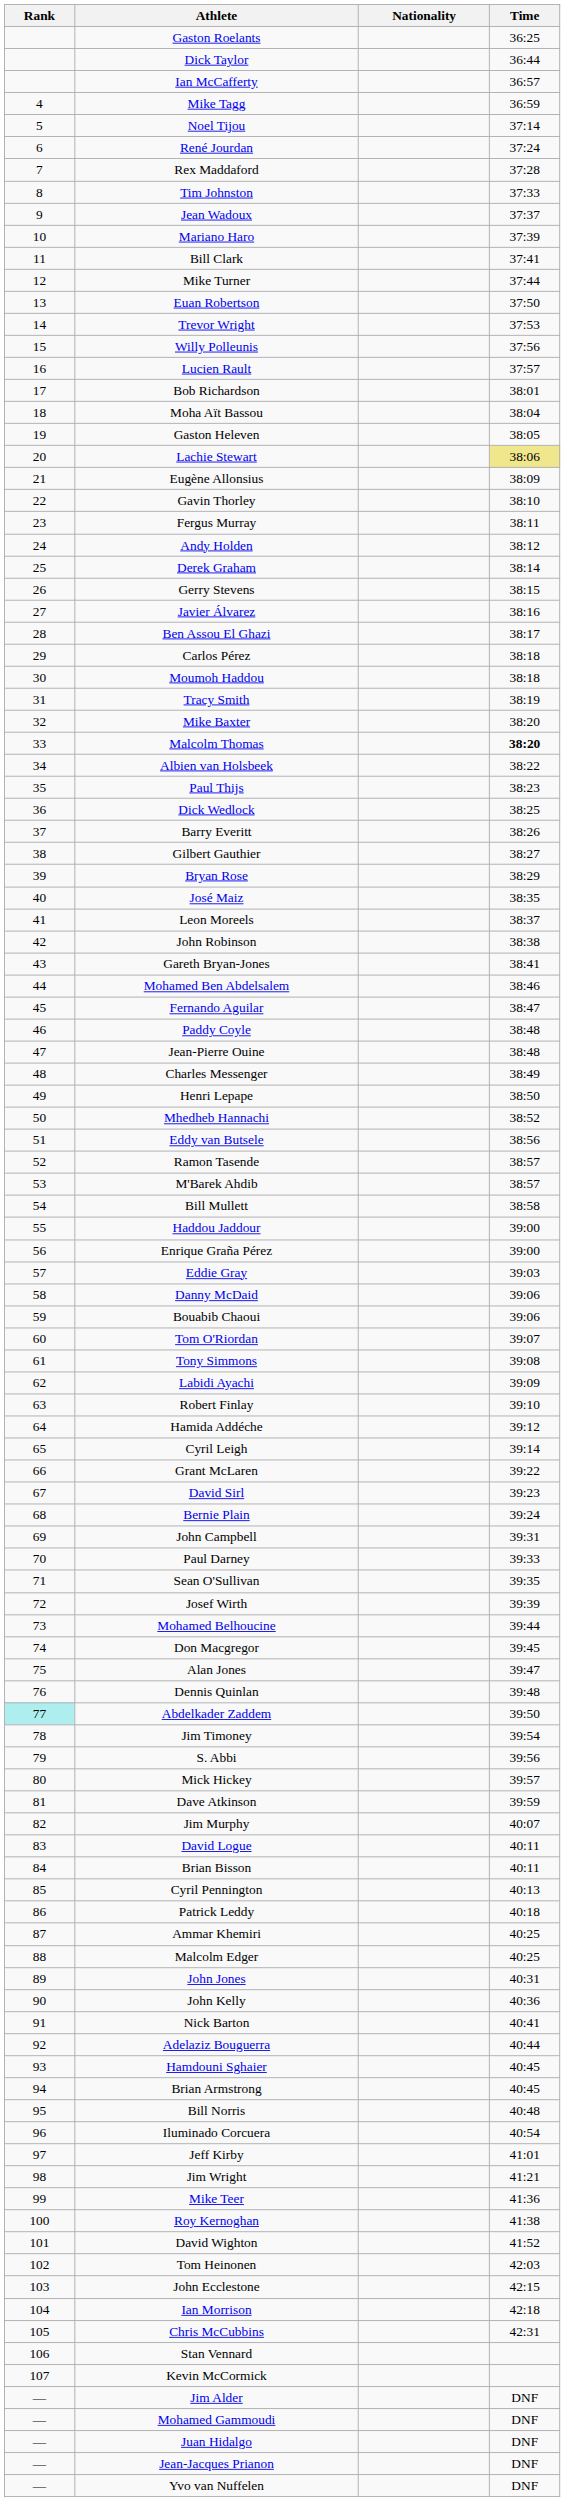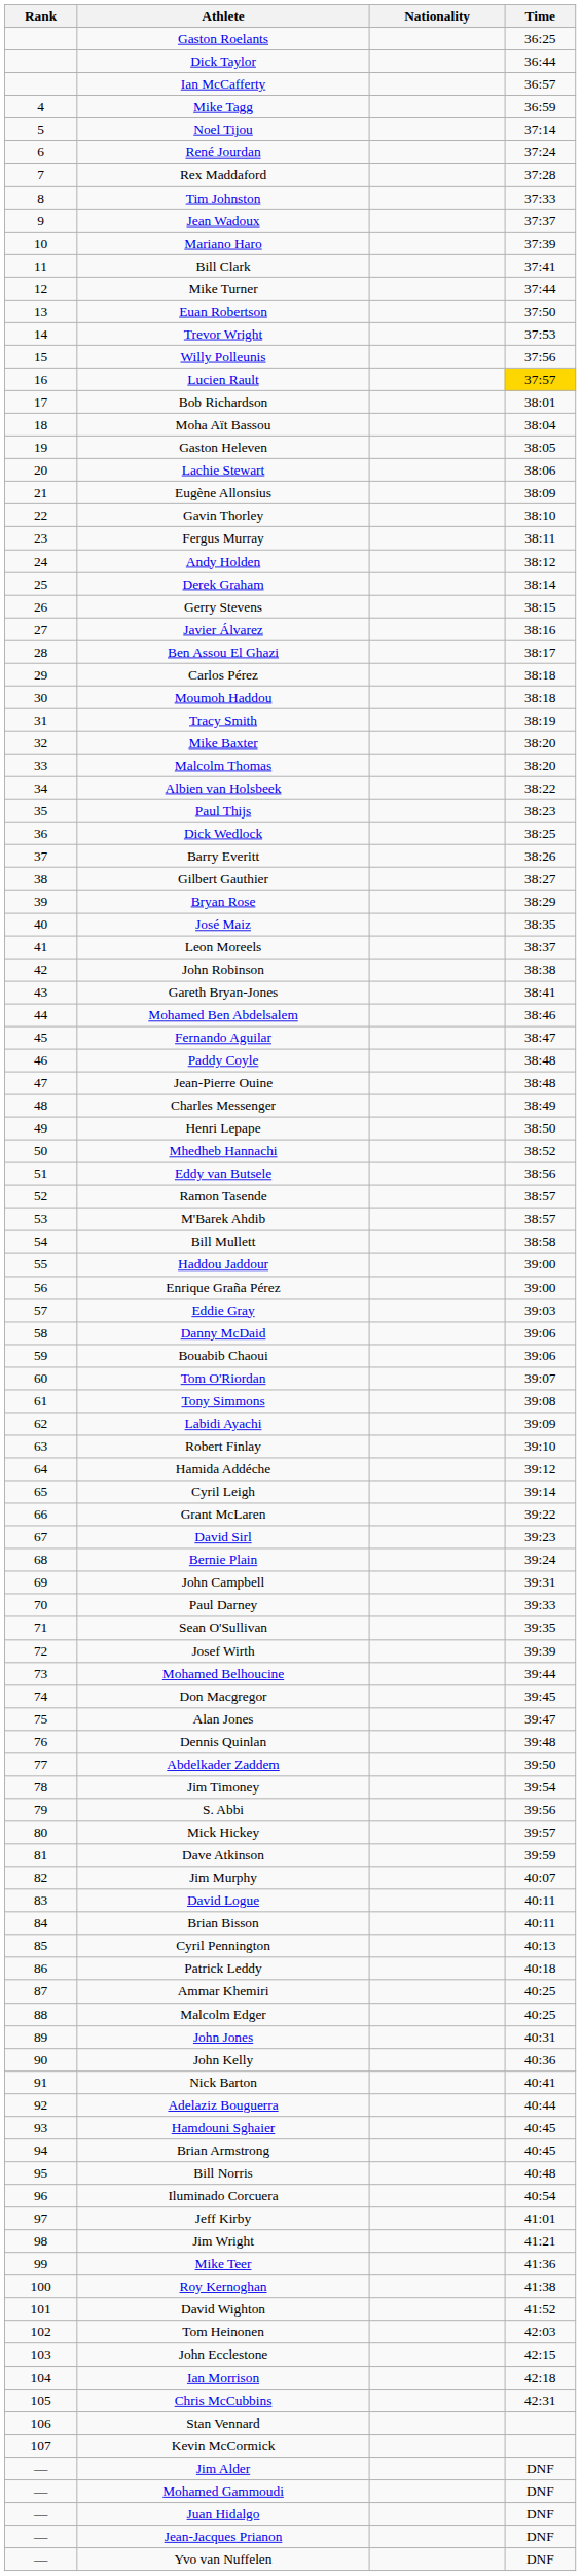 <table class="wikitable sortable" style=" text-align:center; font-size:95%;" width="50%">
 <tr>
 <th>Rank</th>
 <th>Athlete</th>
 <th>Nationality</th>
 <th>Time</th>
 </tr>
 <tr>
 <td align=center></td>
 <td><a href='#'>Gaston Roelants</a></td>
 <td></td>
 <td>36:25</td>
 </tr>
 <tr>
 <td align=center></td>
 <td><a href='#'>Dick Taylor</a></td>
 <td></td>
 <td>36:44</td>
 </tr>
 <tr>
 <td align=center></td>
 <td><a href='#'>Ian McCafferty</a></td>
 <td></td>
 <td>36:57</td>
 </tr>
 <tr>
 <td align=center>4</td>
 <td><a href='#'>Mike Tagg</a></td>
 <td></td>
 <td>36:59</td>
 </tr>
 <tr>
 <td align=center>5</td>
 <td><a href='#'>Noel Tijou</a></td>
 <td></td>
 <td>37:14</td>
 </tr>
 <tr>
 <td align=center>6</td>
 <td><a href='#'>René Jourdan</a></td>
 <td></td>
 <td>37:24</td>
 </tr>
 <tr>
 <td align=center>7</td>
 <td>Rex Maddaford</td>
 <td></td>
 <td>37:28</td>
 </tr>
 <tr>
 <td align=center>8</td>
 <td><a href='#'>Tim Johnston</a></td>
 <td></td>
 <td>37:33</td>
 </tr>
 <tr>
 <td align=center>9</td>
 <td><a href='#'>Jean Wadoux</a></td>
 <td></td>
 <td>37:37</td>
 </tr>
 <tr>
 <td align=center>10</td>
 <td><a href='#'>Mariano Haro</a></td>
 <td></td>
 <td>37:39</td>
 </tr>
 <tr>
 <td align=center>11</td>
 <td>Bill Clark</td>
 <td></td>
 <td>37:41</td>
 </tr>
 <tr>
 <td align=center>12</td>
 <td>Mike Turner</td>
 <td></td>
 <td>37:44</td>
 </tr>
 <tr>
 <td align=center>13</td>
 <td><a href='#'>Euan Robertson</a></td>
 <td></td>
 <td>37:50</td>
 </tr>
 <tr>
 <td align=center>14</td>
 <td><a href='#'>Trevor Wright</a></td>
 <td></td>
 <td>37:53</td>
 </tr>
 <tr>
 <td align=center>15</td>
 <td><a href='#'>Willy Polleunis</a></td>
 <td></td>
 <td>37:56</td>
 </tr>
 <tr>
 <td align=center>16</td>
 <td><a href='#'>Lucien Rault</a></td>
 <td></td>
-<td>37:57</td>
+<td style="background: gold;">37:57</td>
 </tr>
 <tr>
 <td align=center>17</td>
 <td>Bob Richardson</td>
 <td></td>
 <td>38:01</td>
 </tr>
 <tr>
 <td align=center>18</td>
 <td>Moha Aït Bassou</td>
 <td></td>
 <td>38:04</td>
 </tr>
 <tr>
 <td align=center>19</td>
 <td>Gaston Heleven</td>
 <td></td>
 <td>38:05</td>
 </tr>
 <tr>
 <td align=center>20</td>
 <td><a href='#'>Lachie Stewart</a></td>
 <td></td>
-<td style="background: khaki;">38:06</td>
+<td>38:06</td>
 </tr>
 <tr>
 <td align=center>21</td>
 <td>Eugène Allonsius</td>
 <td></td>
 <td>38:09</td>
 </tr>
 <tr>
 <td align=center>22</td>
 <td>Gavin Thorley</td>
 <td></td>
 <td>38:10</td>
 </tr>
 <tr>
 <td align=center>23</td>
 <td>Fergus Murray</td>
 <td></td>
 <td>38:11</td>
 </tr>
 <tr>
 <td align=center>24</td>
 <td><a href='#'>Andy Holden</a></td>
 <td></td>
 <td>38:12</td>
 </tr>
 <tr>
 <td align=center>25</td>
 <td><a href='#'>Derek Graham</a></td>
 <td></td>
 <td>38:14</td>
 </tr>
 <tr>
 <td align=center>26</td>
 <td>Gerry Stevens</td>
 <td></td>
 <td>38:15</td>
 </tr>
 <tr>
 <td align=center>27</td>
 <td><a href='#'>Javier Álvarez</a></td>
 <td></td>
 <td>38:16</td>
 </tr>
 <tr>
 <td align=center>28</td>
 <td><a href='#'>Ben Assou El Ghazi</a></td>
 <td></td>
 <td>38:17</td>
 </tr>
 <tr>
 <td align=center>29</td>
 <td>Carlos Pérez</td>
 <td></td>
 <td>38:18</td>
 </tr>
 <tr>
 <td align=center>30</td>
 <td><a href='#'>Moumoh Haddou</a></td>
 <td></td>
 <td>38:18</td>
 </tr>
 <tr>
 <td align=center>31</td>
 <td><a href='#'>Tracy Smith</a></td>
 <td></td>
 <td>38:19</td>
 </tr>
 <tr>
 <td align=center>32</td>
 <td><a href='#'>Mike Baxter</a></td>
 <td></td>
 <td>38:20</td>
 </tr>
 <tr>
 <td align=center>33</td>
 <td><a href='#'>Malcolm Thomas</a></td>
 <td></td>
-<td><strong>38:20</strong></td>
+<td>38:20</td>
 </tr>
 <tr>
 <td align=center>34</td>
 <td><a href='#'>Albien van Holsbeek</a></td>
 <td></td>
 <td>38:22</td>
 </tr>
 <tr>
 <td align=center>35</td>
 <td><a href='#'>Paul Thijs</a></td>
 <td></td>
 <td>38:23</td>
 </tr>
 <tr>
 <td align=center>36</td>
 <td><a href='#'>Dick Wedlock</a></td>
 <td></td>
 <td>38:25</td>
 </tr>
 <tr>
 <td align=center>37</td>
 <td>Barry Everitt</td>
 <td></td>
 <td>38:26</td>
 </tr>
 <tr>
 <td align=center>38</td>
 <td>Gilbert Gauthier</td>
 <td></td>
 <td>38:27</td>
 </tr>
 <tr>
 <td align=center>39</td>
 <td><a href='#'>Bryan Rose</a></td>
 <td></td>
 <td>38:29</td>
 </tr>
 <tr>
 <td align=center>40</td>
 <td><a href='#'>José Maiz</a></td>
 <td></td>
 <td>38:35</td>
 </tr>
 <tr>
 <td align=center>41</td>
 <td>Leon Moreels</td>
 <td></td>
 <td>38:37</td>
 </tr>
 <tr>
 <td align=center>42</td>
 <td>John Robinson</td>
 <td></td>
 <td>38:38</td>
 </tr>
 <tr>
 <td align=center>43</td>
 <td>Gareth Bryan-Jones</td>
 <td></td>
 <td>38:41</td>
 </tr>
 <tr>
 <td align=center>44</td>
 <td><a href='#'>Mohamed Ben Abdelsalem</a></td>
 <td></td>
 <td>38:46</td>
 </tr>
 <tr>
 <td align=center>45</td>
 <td><a href='#'>Fernando Aguilar</a></td>
 <td></td>
 <td>38:47</td>
 </tr>
 <tr>
 <td align=center>46</td>
 <td><a href='#'>Paddy Coyle</a></td>
 <td></td>
 <td>38:48</td>
 </tr>
 <tr>
 <td align=center>47</td>
 <td>Jean-Pierre Ouine</td>
 <td></td>
 <td>38:48</td>
 </tr>
 <tr>
 <td align=center>48</td>
 <td>Charles Messenger</td>
 <td></td>
 <td>38:49</td>
 </tr>
 <tr>
 <td align=center>49</td>
 <td>Henri Lepape</td>
 <td></td>
 <td>38:50</td>
 </tr>
 <tr>
 <td align=center>50</td>
 <td><a href='#'>Mhedheb Hannachi</a></td>
 <td></td>
 <td>38:52</td>
 </tr>
 <tr>
 <td align=center>51</td>
 <td><a href='#'>Eddy van Butsele</a></td>
 <td></td>
 <td>38:56</td>
 </tr>
 <tr>
 <td align=center>52</td>
 <td>Ramon Tasende</td>
 <td></td>
 <td>38:57</td>
 </tr>
 <tr>
 <td align=center>53</td>
 <td>M'Barek Ahdib</td>
 <td></td>
 <td>38:57</td>
 </tr>
 <tr>
 <td align=center>54</td>
 <td>Bill Mullett</td>
 <td></td>
 <td>38:58</td>
 </tr>
 <tr>
 <td align=center>55</td>
 <td><a href='#'>Haddou Jaddour</a></td>
 <td></td>
 <td>39:00</td>
 </tr>
 <tr>
 <td align=center>56</td>
 <td>Enrique Graña Pérez</td>
 <td></td>
 <td>39:00</td>
 </tr>
 <tr>
 <td align=center>57</td>
 <td><a href='#'>Eddie Gray</a></td>
 <td></td>
 <td>39:03</td>
 </tr>
 <tr>
 <td align=center>58</td>
 <td><a href='#'>Danny McDaid</a></td>
 <td></td>
 <td>39:06</td>
 </tr>
 <tr>
 <td align=center>59</td>
 <td>Bouabib Chaoui</td>
 <td></td>
 <td>39:06</td>
 </tr>
 <tr>
 <td align=center>60</td>
 <td><a href='#'>Tom O'Riordan</a></td>
 <td></td>
 <td>39:07</td>
 </tr>
 <tr>
 <td align=center>61</td>
 <td><a href='#'>Tony Simmons</a></td>
 <td></td>
 <td>39:08</td>
 </tr>
 <tr>
 <td align=center>62</td>
 <td><a href='#'>Labidi Ayachi</a></td>
 <td></td>
 <td>39:09</td>
 </tr>
 <tr>
 <td align=center>63</td>
 <td>Robert Finlay</td>
 <td></td>
 <td>39:10</td>
 </tr>
 <tr>
 <td align=center>64</td>
 <td>Hamida Addéche</td>
 <td></td>
 <td>39:12</td>
 </tr>
 <tr>
 <td align=center>65</td>
 <td>Cyril Leigh</td>
 <td></td>
 <td>39:14</td>
 </tr>
 <tr>
 <td align=center>66</td>
 <td>Grant McLaren</td>
 <td></td>
 <td>39:22</td>
 </tr>
 <tr>
 <td align=center>67</td>
 <td><a href='#'>David Sirl</a></td>
 <td></td>
 <td>39:23</td>
 </tr>
 <tr>
 <td align=center>68</td>
 <td><a href='#'>Bernie Plain</a></td>
 <td></td>
 <td>39:24</td>
 </tr>
 <tr>
 <td align=center>69</td>
 <td>John Campbell</td>
 <td></td>
 <td>39:31</td>
 </tr>
 <tr>
 <td align=center>70</td>
 <td>Paul Darney</td>
 <td></td>
 <td>39:33</td>
 </tr>
 <tr>
 <td align=center>71</td>
 <td>Sean O'Sullivan</td>
 <td></td>
 <td>39:35</td>
 </tr>
 <tr>
 <td align=center>72</td>
 <td>Josef Wirth</td>
 <td></td>
 <td>39:39</td>
 </tr>
 <tr>
 <td align=center>73</td>
 <td><a href='#'>Mohamed Belhoucine</a></td>
 <td></td>
 <td>39:44</td>
 </tr>
 <tr>
 <td align=center>74</td>
 <td>Don Macgregor</td>
 <td></td>
 <td>39:45</td>
 </tr>
 <tr>
 <td align=center>75</td>
 <td>Alan Jones</td>
 <td></td>
 <td>39:47</td>
 </tr>
 <tr>
 <td align=center>76</td>
 <td>Dennis Quinlan</td>
 <td></td>
 <td>39:48</td>
 </tr>
 <tr>
-<td align=center style="background: paleturquoise;">77</td>
+<td align=center>77</td>
 <td><a href='#'>Abdelkader Zaddem</a></td>
 <td></td>
 <td>39:50</td>
 </tr>
 <tr>
 <td align=center>78</td>
 <td>Jim Timoney</td>
 <td></td>
 <td>39:54</td>
 </tr>
 <tr>
 <td align=center>79</td>
 <td>S. Abbi</td>
 <td></td>
 <td>39:56</td>
 </tr>
 <tr>
 <td align=center>80</td>
 <td>Mick Hickey</td>
 <td></td>
 <td>39:57</td>
 </tr>
 <tr>
 <td align=center>81</td>
 <td>Dave Atkinson</td>
 <td></td>
 <td>39:59</td>
 </tr>
 <tr>
 <td align=center>82</td>
 <td>Jim Murphy</td>
 <td></td>
 <td>40:07</td>
 </tr>
 <tr>
 <td align=center>83</td>
 <td><a href='#'>David Logue</a></td>
 <td></td>
 <td>40:11</td>
 </tr>
 <tr>
 <td align=center>84</td>
 <td>Brian Bisson</td>
 <td></td>
 <td>40:11</td>
 </tr>
 <tr>
 <td align=center>85</td>
 <td>Cyril Pennington</td>
 <td></td>
 <td>40:13</td>
 </tr>
 <tr>
 <td align=center>86</td>
 <td>Patrick Leddy</td>
 <td></td>
 <td>40:18</td>
 </tr>
 <tr>
 <td align=center>87</td>
 <td>Ammar Khemiri</td>
 <td></td>
 <td>40:25</td>
 </tr>
 <tr>
 <td align=center>88</td>
 <td>Malcolm Edger</td>
 <td></td>
 <td>40:25</td>
 </tr>
 <tr>
 <td align=center>89</td>
 <td><a href='#'>John Jones</a></td>
 <td></td>
 <td>40:31</td>
 </tr>
 <tr>
 <td align=center>90</td>
 <td>John Kelly</td>
 <td></td>
 <td>40:36</td>
 </tr>
 <tr>
 <td align=center>91</td>
 <td>Nick Barton</td>
 <td></td>
 <td>40:41</td>
 </tr>
 <tr>
 <td align=center>92</td>
 <td><a href='#'>Adelaziz Bouguerra</a></td>
 <td></td>
 <td>40:44</td>
 </tr>
 <tr>
 <td align=center>93</td>
 <td><a href='#'>Hamdouni Sghaier</a></td>
 <td></td>
 <td>40:45</td>
 </tr>
 <tr>
 <td align=center>94</td>
 <td>Brian Armstrong</td>
 <td></td>
 <td>40:45</td>
 </tr>
 <tr>
 <td align=center>95</td>
 <td>Bill Norris</td>
 <td></td>
 <td>40:48</td>
 </tr>
 <tr>
 <td align=center>96</td>
 <td>Iluminado Corcuera</td>
 <td></td>
 <td>40:54</td>
 </tr>
 <tr>
 <td align=center>97</td>
 <td>Jeff Kirby</td>
 <td></td>
 <td>41:01</td>
 </tr>
 <tr>
 <td align=center>98</td>
 <td>Jim Wright</td>
 <td></td>
 <td>41:21</td>
 </tr>
 <tr>
 <td align=center>99</td>
 <td><a href='#'>Mike Teer</a></td>
 <td></td>
 <td>41:36</td>
 </tr>
 <tr>
 <td align=center>100</td>
 <td><a href='#'>Roy Kernoghan</a></td>
 <td></td>
 <td>41:38</td>
 </tr>
 <tr>
 <td align=center>101</td>
 <td>David Wighton</td>
 <td></td>
 <td>41:52</td>
 </tr>
 <tr>
 <td align=center>102</td>
 <td>Tom Heinonen</td>
 <td></td>
 <td>42:03</td>
 </tr>
 <tr>
 <td align=center>103</td>
 <td>John Ecclestone</td>
 <td></td>
 <td>42:15</td>
 </tr>
 <tr>
 <td align=center>104</td>
 <td><a href='#'>Ian Morrison</a></td>
 <td></td>
 <td>42:18</td>
 </tr>
 <tr>
 <td align=center>105</td>
 <td><a href='#'>Chris McCubbins</a></td>
 <td></td>
 <td>42:31</td>
 </tr>
 <tr>
 <td align=center>106</td>
 <td>Stan Vennard</td>
 <td></td>
 <td></td>
 </tr>
 <tr>
 <td align=center>107</td>
 <td>Kevin McCormick</td>
 <td></td>
 <td></td>
 </tr>
 <tr>
 <td align=center>—</td>
 <td><a href='#'>Jim Alder</a></td>
 <td></td>
 <td>DNF</td>
 </tr>
 <tr>
 <td align=center>—</td>
 <td><a href='#'>Mohamed Gammoudi</a></td>
 <td></td>
 <td>DNF</td>
 </tr>
 <tr>
 <td align=center>—</td>
 <td><a href='#'>Juan Hidalgo</a></td>
 <td></td>
 <td>DNF</td>
 </tr>
 <tr>
 <td align=center>—</td>
 <td><a href='#'>Jean-Jacques Prianon</a></td>
 <td></td>
 <td>DNF</td>
 </tr>
 <tr>
 <td align=center>—</td>
 <td>Yvo van Nuffelen</td>
 <td></td>
 <td>DNF</td>
 </tr>
 </table>
